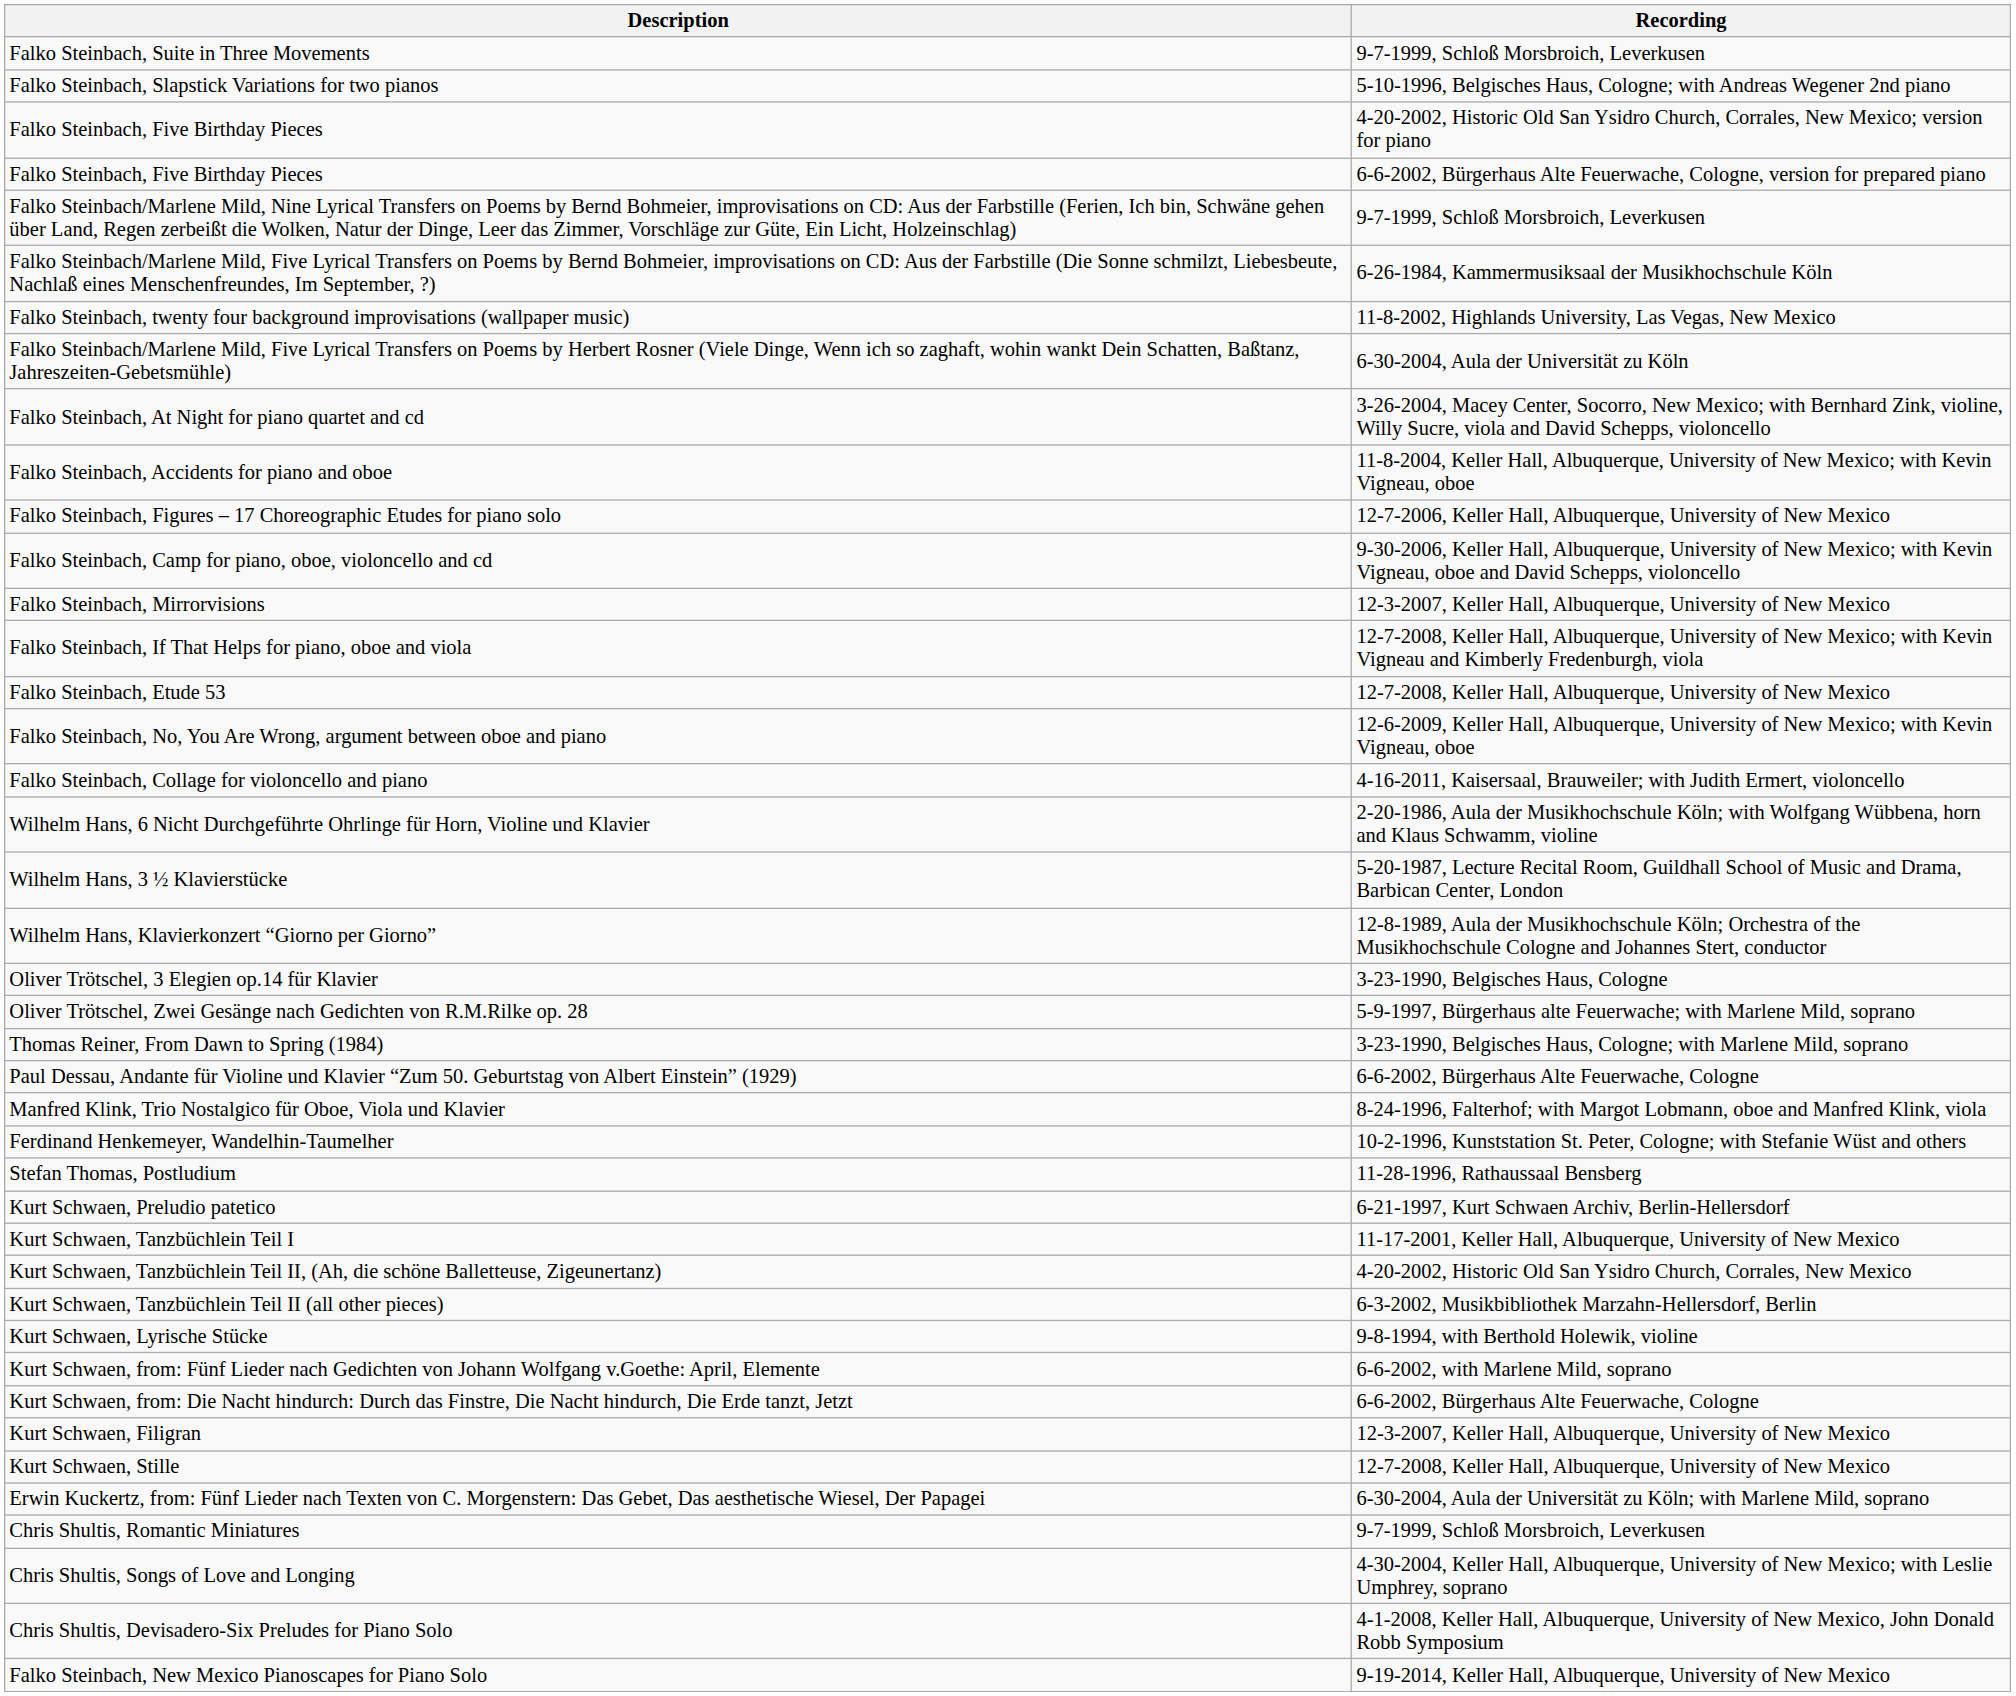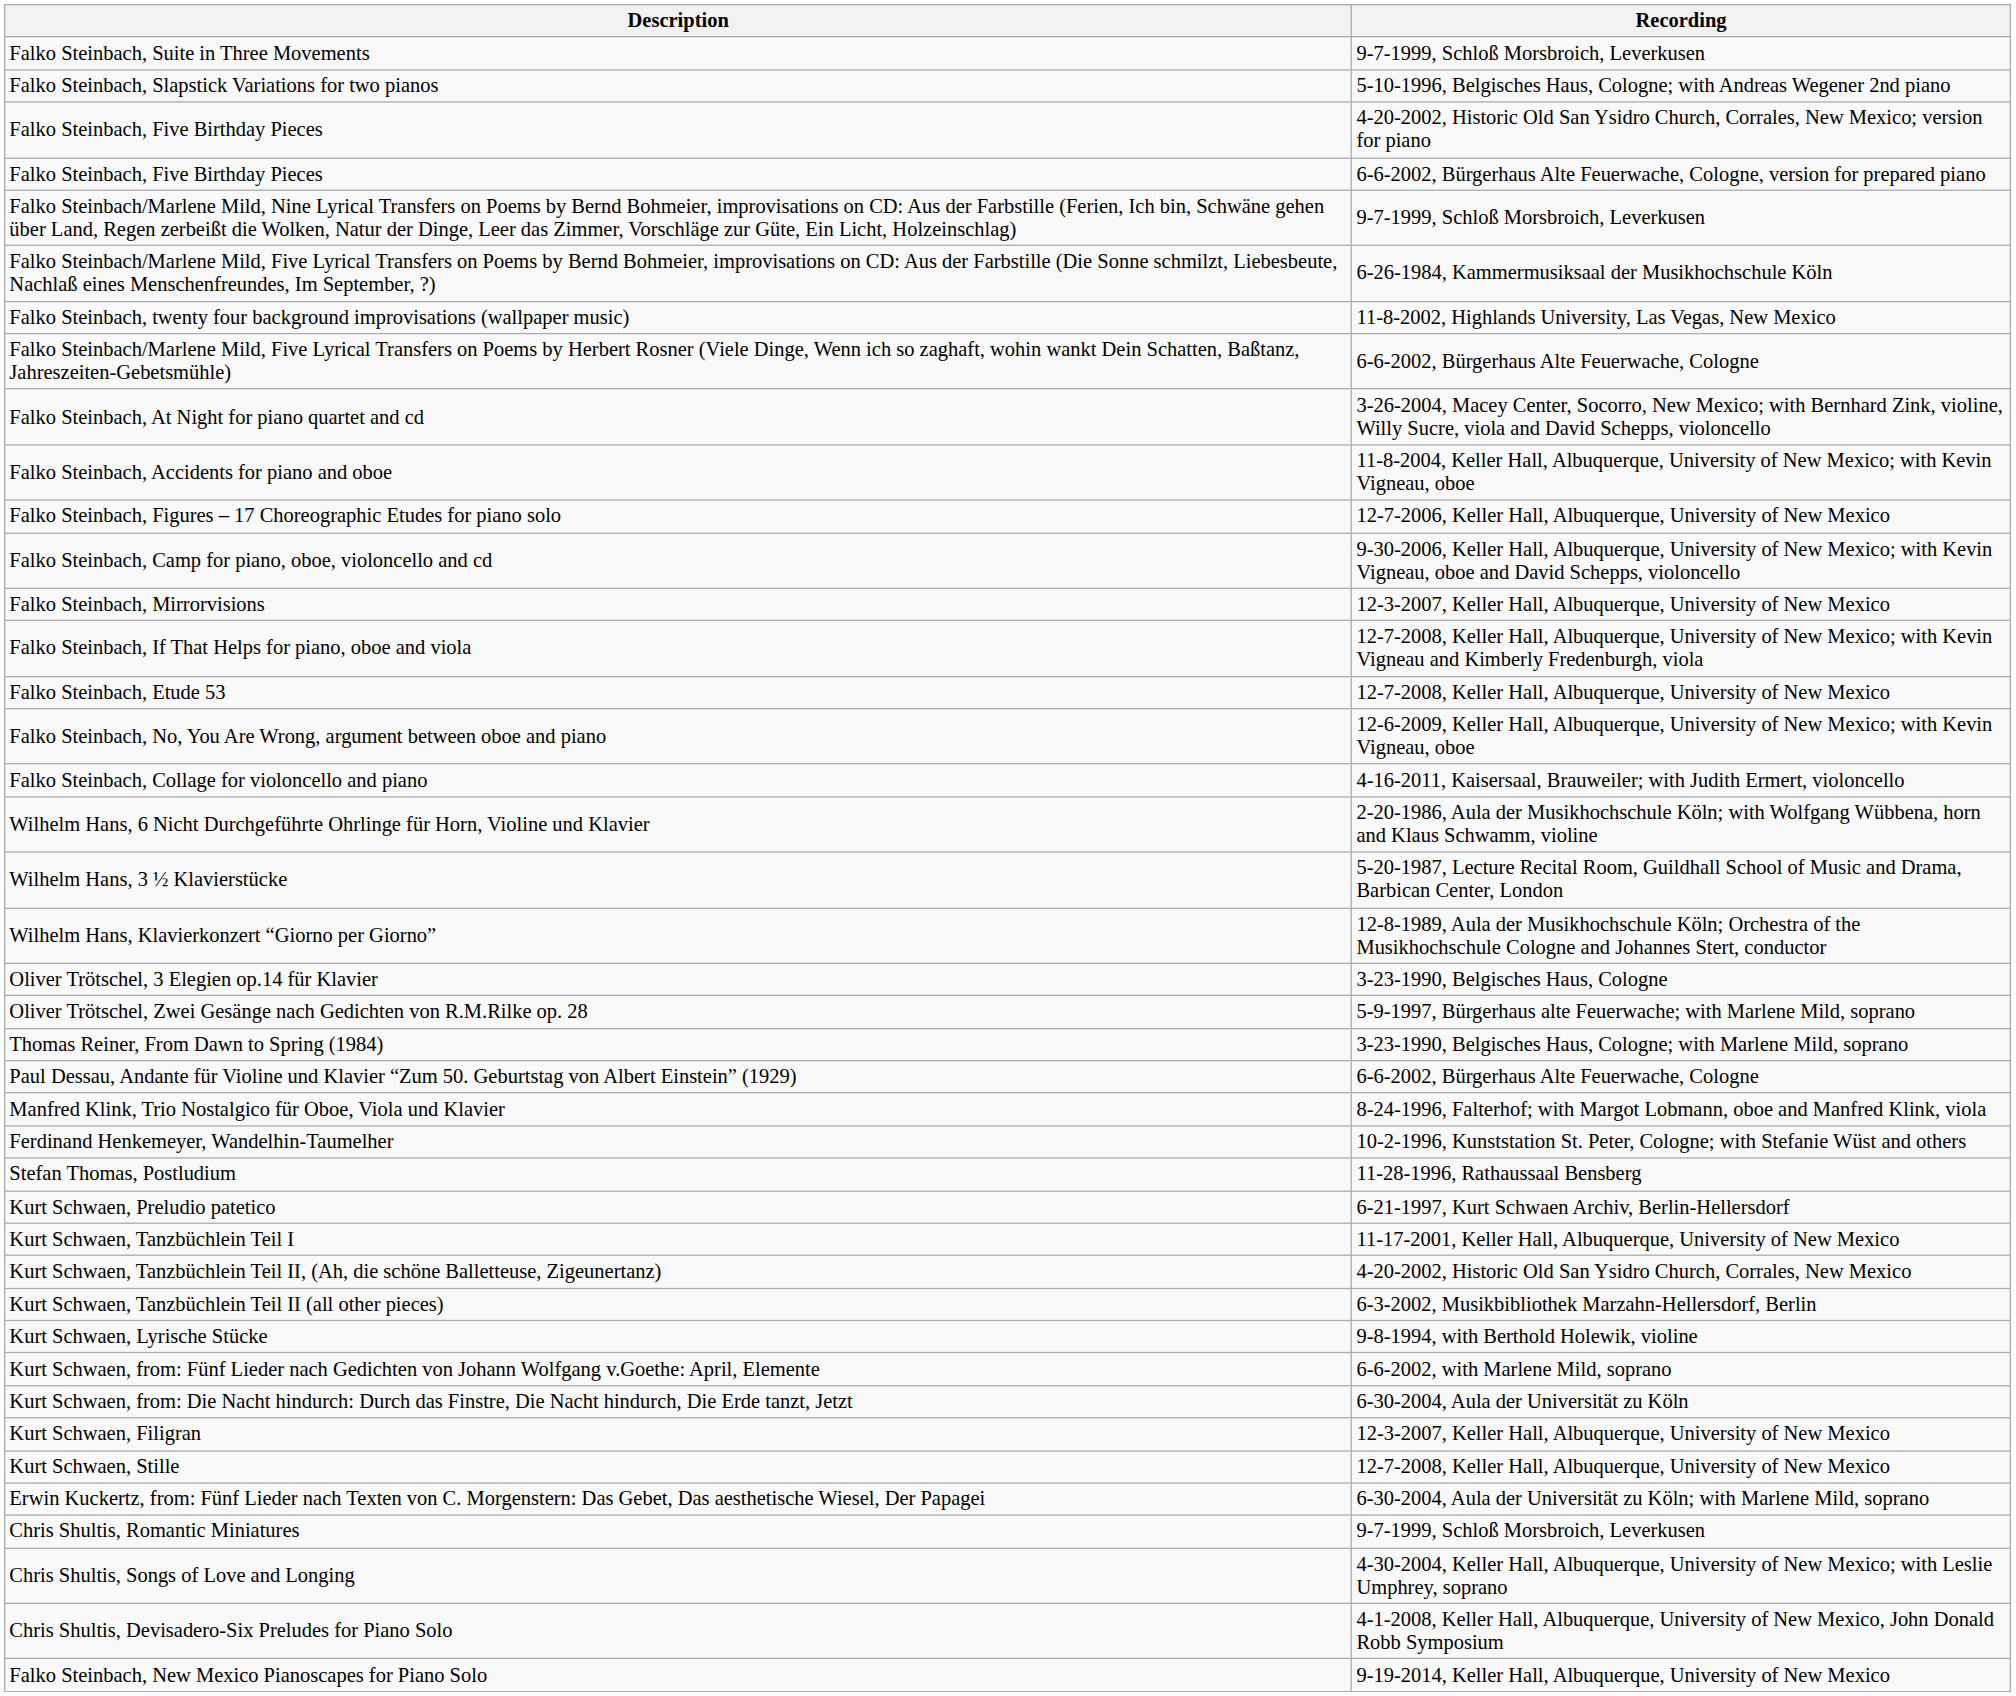 <table class="wikitable">
 <tr>
 <th>Description</th>
 <th>Recording</th>
 </tr>
 <tr>
 <td>Falko Steinbach, Suite in Three Movements</td>
 <td>9-7-1999, Schloß Morsbroich, Leverkusen</td>
 </tr>
 <tr>
 <td>Falko Steinbach, Slapstick Variations for two pianos</td>
 <td>5-10-1996, Belgisches Haus, Cologne; with Andreas Wegener 2nd piano</td>
 </tr>
 <tr>
 <td>Falko Steinbach, Five Birthday Pieces</td>
 <td>4-20-2002, Historic Old San Ysidro Church, Corrales, New Mexico; version for piano</td>
 </tr>
 <tr>
 <td>Falko Steinbach, Five Birthday Pieces</td>
 <td>6-6-2002, Bürgerhaus Alte Feuerwache, Cologne, version for prepared piano</td>
 </tr>
 <tr>
 <td>Falko Steinbach/Marlene Mild, Nine Lyrical Transfers on Poems by Bernd Bohmeier, improvisations on CD: Aus der Farbstille (Ferien, Ich bin, Schwäne gehen über Land, Regen zerbeißt die Wolken, Natur der Dinge, Leer das Zimmer, Vorschläge zur Güte, Ein Licht, Holzeinschlag)</td>
 <td>9-7-1999, Schloß Morsbroich, Leverkusen</td>
 </tr>
 <tr>
 <td>Falko Steinbach/Marlene Mild, Five Lyrical Transfers on Poems by Bernd Bohmeier, improvisations on CD: Aus der Farbstille (Die Sonne schmilzt, Liebesbeute, Nachlaß eines Menschenfreundes, Im September, ?)</td>
 <td>6-26-1984, Kammermusiksaal der Musikhochschule Köln</td>
 </tr>
 <tr>
 <td>Falko Steinbach, twenty four background improvisations (wallpaper music)</td>
 <td>11-8-2002, Highlands University, Las Vegas, New Mexico</td>
 </tr>
 <tr>
 <td>Falko Steinbach/Marlene Mild, Five Lyrical Transfers on Poems by Herbert Rosner (Viele Dinge, Wenn ich so zaghaft, wohin wankt Dein Schatten, Baßtanz, Jahreszeiten-Gebetsmühle)</td>
-<td>6-30-2004, Aula der Universität zu Köln</td>
+<td>6-6-2002, Bürgerhaus Alte Feuerwache, Cologne</td>
 </tr>
 <tr>
 <td>Falko Steinbach, At Night for piano quartet and cd</td>
 <td>3-26-2004, Macey Center, Socorro, New Mexico; with Bernhard Zink, violine, Willy Sucre, viola and David Schepps, violoncello</td>
 </tr>
 <tr>
 <td>Falko Steinbach, Accidents for piano and oboe</td>
 <td>11-8-2004, Keller Hall, Albuquerque, University of New Mexico; with Kevin Vigneau, oboe</td>
 </tr>
 <tr>
 <td>Falko Steinbach, Figures – 17 Choreographic Etudes for piano solo</td>
 <td>12-7-2006, Keller Hall, Albuquerque, University of New Mexico</td>
 </tr>
 <tr>
 <td>Falko Steinbach, Camp for piano, oboe, violoncello and cd</td>
 <td>9-30-2006, Keller Hall, Albuquerque, University of New Mexico; with Kevin Vigneau, oboe and David Schepps, violoncello</td>
 </tr>
 <tr>
 <td>Falko Steinbach, Mirrorvisions</td>
 <td>12-3-2007, Keller Hall, Albuquerque, University of New Mexico</td>
 </tr>
 <tr>
 <td>Falko Steinbach, If That Helps for piano, oboe and viola</td>
 <td>12-7-2008, Keller Hall, Albuquerque, University of New Mexico; with Kevin Vigneau and Kimberly Fredenburgh, viola</td>
 </tr>
 <tr>
 <td>Falko Steinbach, Etude 53</td>
 <td>12-7-2008, Keller Hall, Albuquerque, University of New Mexico</td>
 </tr>
 <tr>
 <td>Falko Steinbach, No, You Are Wrong, argument between oboe and piano</td>
 <td>12-6-2009, Keller Hall, Albuquerque, University of New Mexico; with Kevin Vigneau, oboe</td>
 </tr>
 <tr>
 <td>Falko Steinbach, Collage for violoncello and piano</td>
 <td>4-16-2011, Kaisersaal, Brauweiler; with Judith Ermert, violoncello</td>
 </tr>
 <tr>
 <td>Wilhelm Hans, 6 Nicht Durchgeführte Ohrlinge für Horn, Violine und Klavier</td>
 <td>2-20-1986, Aula der Musikhochschule Köln; with Wolfgang Wübbena, horn and Klaus Schwamm, violine</td>
 </tr>
 <tr>
 <td>Wilhelm Hans, 3 ½ Klavierstücke</td>
 <td>5-20-1987, Lecture Recital Room, Guildhall School of Music and Drama, Barbican Center, London</td>
 </tr>
 <tr>
 <td>Wilhelm Hans, Klavierkonzert “Giorno per Giorno”</td>
 <td>12-8-1989, Aula der Musikhochschule Köln; Orchestra of the Musikhochschule Cologne and Johannes Stert, conductor</td>
 </tr>
 <tr>
 <td>Oliver Trötschel, 3 Elegien op.14 für Klavier</td>
 <td>3-23-1990, Belgisches Haus, Cologne</td>
 </tr>
 <tr>
 <td>Oliver Trötschel, Zwei Gesänge nach Gedichten von R.M.Rilke op. 28</td>
 <td>5-9-1997, Bürgerhaus alte Feuerwache; with Marlene Mild, soprano</td>
 </tr>
 <tr>
 <td>Thomas Reiner, From Dawn to Spring (1984)</td>
 <td>3-23-1990, Belgisches Haus, Cologne; with Marlene Mild, soprano</td>
 </tr>
 <tr>
 <td>Paul Dessau, Andante für Violine und Klavier “Zum 50. Geburtstag von Albert Einstein” (1929)</td>
 <td>6-6-2002, Bürgerhaus Alte Feuerwache, Cologne</td>
 </tr>
 <tr>
 <td>Manfred Klink, Trio Nostalgico für Oboe, Viola und Klavier</td>
 <td>8-24-1996, Falterhof; with Margot Lobmann, oboe and Manfred Klink, viola</td>
 </tr>
 <tr>
 <td>Ferdinand Henkemeyer, Wandelhin-Taumelher</td>
 <td>10-2-1996, Kunststation St. Peter, Cologne; with Stefanie Wüst and others</td>
 </tr>
 <tr>
 <td>Stefan Thomas, Postludium</td>
 <td>11-28-1996, Rathaussaal Bensberg</td>
 </tr>
 <tr>
 <td>Kurt Schwaen, Preludio patetico</td>
 <td>6-21-1997, Kurt Schwaen Archiv, Berlin-Hellersdorf</td>
 </tr>
 <tr>
 <td>Kurt Schwaen, Tanzbüchlein Teil I</td>
 <td>11-17-2001, Keller Hall, Albuquerque, University of New Mexico</td>
 </tr>
 <tr>
 <td>Kurt Schwaen, Tanzbüchlein Teil II, (Ah, die schöne Balletteuse, Zigeunertanz)</td>
 <td>4-20-2002, Historic Old San Ysidro Church, Corrales, New Mexico</td>
 </tr>
 <tr>
 <td>Kurt Schwaen, Tanzbüchlein Teil II (all other pieces)</td>
 <td>6-3-2002, Musikbibliothek Marzahn-Hellersdorf, Berlin</td>
 </tr>
 <tr>
 <td>Kurt Schwaen, Lyrische Stücke</td>
 <td>9-8-1994, with Berthold Holewik, violine</td>
 </tr>
 <tr>
 <td>Kurt Schwaen, from: Fünf Lieder nach Gedichten von Johann Wolfgang v.Goethe: April, Elemente</td>
 <td>6-6-2002, with Marlene Mild, soprano</td>
 </tr>
 <tr>
 <td>Kurt Schwaen, from: Die Nacht hindurch: Durch das Finstre, Die Nacht hindurch, Die Erde tanzt, Jetzt</td>
-<td>6-6-2002, Bürgerhaus Alte Feuerwache, Cologne</td>
+<td>6-30-2004, Aula der Universität zu Köln</td>
 </tr>
 <tr>
 <td>Kurt Schwaen, Filigran</td>
 <td>12-3-2007, Keller Hall, Albuquerque, University of New Mexico</td>
 </tr>
 <tr>
 <td>Kurt Schwaen, Stille</td>
 <td>12-7-2008, Keller Hall, Albuquerque, University of New Mexico</td>
 </tr>
 <tr>
 <td>Erwin Kuckertz, from: Fünf Lieder nach Texten von C. Morgenstern: Das Gebet, Das aesthetische Wiesel, Der Papagei</td>
 <td>6-30-2004, Aula der Universität zu Köln; with Marlene Mild, soprano</td>
 </tr>
 <tr>
 <td>Chris Shultis, Romantic Miniatures</td>
 <td>9-7-1999, Schloß Morsbroich, Leverkusen</td>
 </tr>
 <tr>
 <td>Chris Shultis, Songs of Love and Longing</td>
 <td>4-30-2004, Keller Hall, Albuquerque, University of New Mexico; with Leslie Umphrey, soprano</td>
 </tr>
 <tr>
 <td>Chris Shultis, Devisadero-Six Preludes for Piano Solo</td>
 <td>4-1-2008, Keller Hall, Albuquerque, University of New Mexico, John Donald Robb Symposium</td>
 </tr>
 <tr>
 <td>Falko Steinbach, New Mexico Pianoscapes for Piano Solo</td>
 <td>9-19-2014, Keller Hall, Albuquerque, University of New Mexico</td>
 </tr>
 </table>
